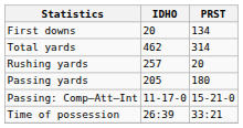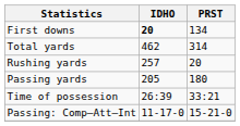 <table class="wikitable" style="float: left;">
 <tr>
 <th>Statistics</th>
 <th>IDHO</th>
 <th>PRST</th>
 </tr>
 <tr>
 <td>First downs</td>
-<td>20</td>
+<td><strong>20</strong></td>
 <td>134</td>
 </tr>
 <tr>
 <td>Total yards</td>
 <td>462</td>
 <td>314</td>
 </tr>
 <tr>
 <td>Rushing yards</td>
 <td>257</td>
 <td>20</td>
 </tr>
 <tr>
 <td>Passing yards</td>
 <td>205</td>
 <td>180</td>
 </tr>
 <tr>
+<td>Time of possession</td>
+<td>26:39</td>
+<td>33:21</td>
+</tr>
+<tr>
 <td>Passing: Comp–Att–Int</td>
 <td>11-17-0</td>
 <td>15-21-0</td>
 </tr>
 <tr>
-<td>Time of possession</td>
-<td>26:39</td>
-<td>33:21</td>
-</tr>
-<tr>
 </tr>
 </table>
